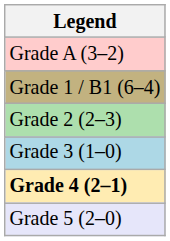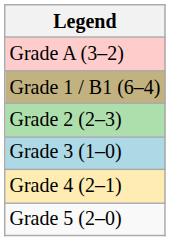 <table class="wikitable" style="font-size:85%;">
 <tr>
 <th>Legend</th>
 </tr>
 <tr bgcolor=ffcccc>
 <td>Grade A (3–2)</td>
 </tr>
 <tr bgcolor=C2B280>
 <td>Grade 1 / B1 (6–4)</td>
 </tr>
 <tr bgcolor=ADDFAD>
 <td>Grade 2 (2–3)</td>
 </tr>
 <tr bgcolor=lightblue>
 <td>Grade 3 (1–0)</td>
 </tr>
 <tr bgcolor=ffecb2>
-<td><strong>Grade 4 (2–1)</strong></td>
+<td>Grade 4 (2–1)</td>
 </tr>
 <tr>
-<td style="background: lavender;">Grade 5 (2–0)</td>
+<td>Grade 5 (2–0)</td>
 </tr>
 </table>
